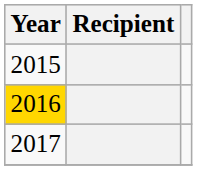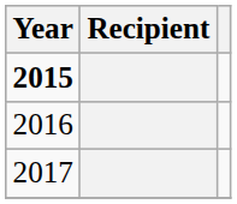 <table class="wikitable plainrowheaders sortable" style="text-align:center">
 <tr>
 <th scope=col>Year</th>
 <th scope=col>Recipient</th>
 <th scope=col class=unsortable></th>
 </tr>
 <tr>
-<td>2015</td>
+<td><strong>2015</strong></td>
 <th scope=row style="text-align:center;"></th>
 <td></td>
 </tr>
 <tr>
-<td style="background: gold;">2016</td>
+<td>2016</td>
 <th scope=row style="text-align:center;"></th>
 <td></td>
 </tr>
 <tr>
 <td>2017</td>
 <th scope=row style="text-align:center;"></th>
 <td></td>
 </tr>
 <tr>
 </tr>
 </table>
